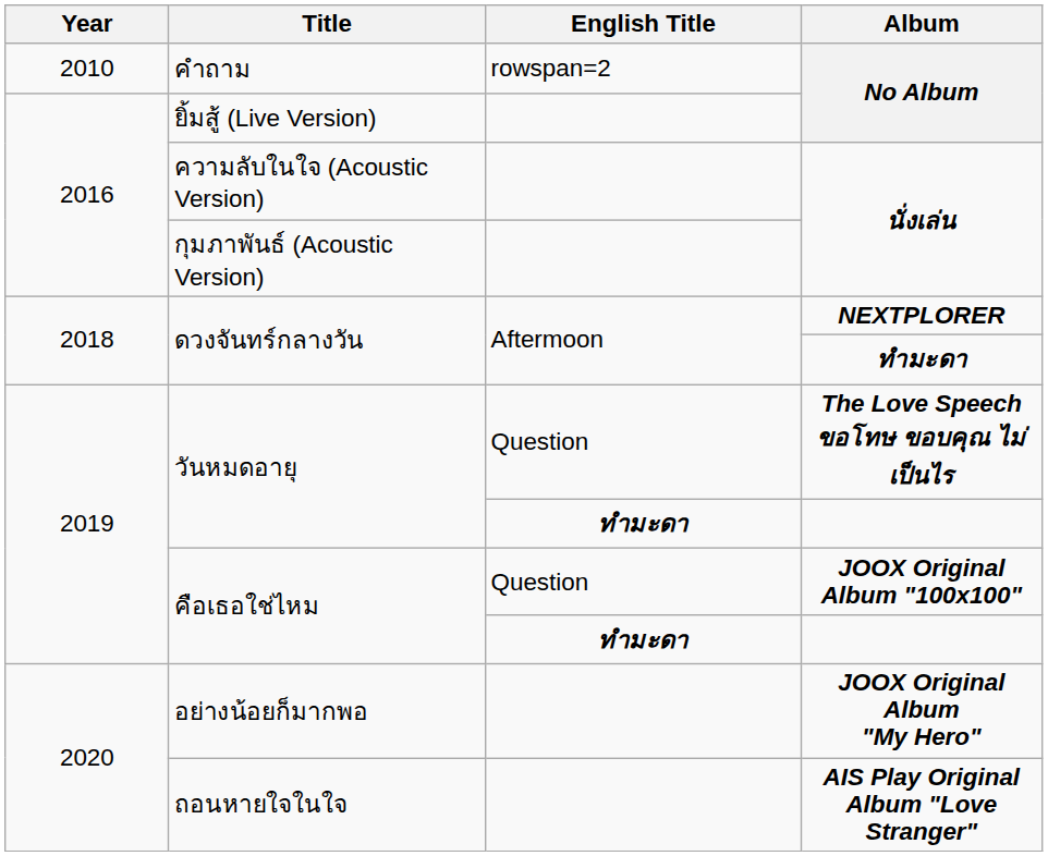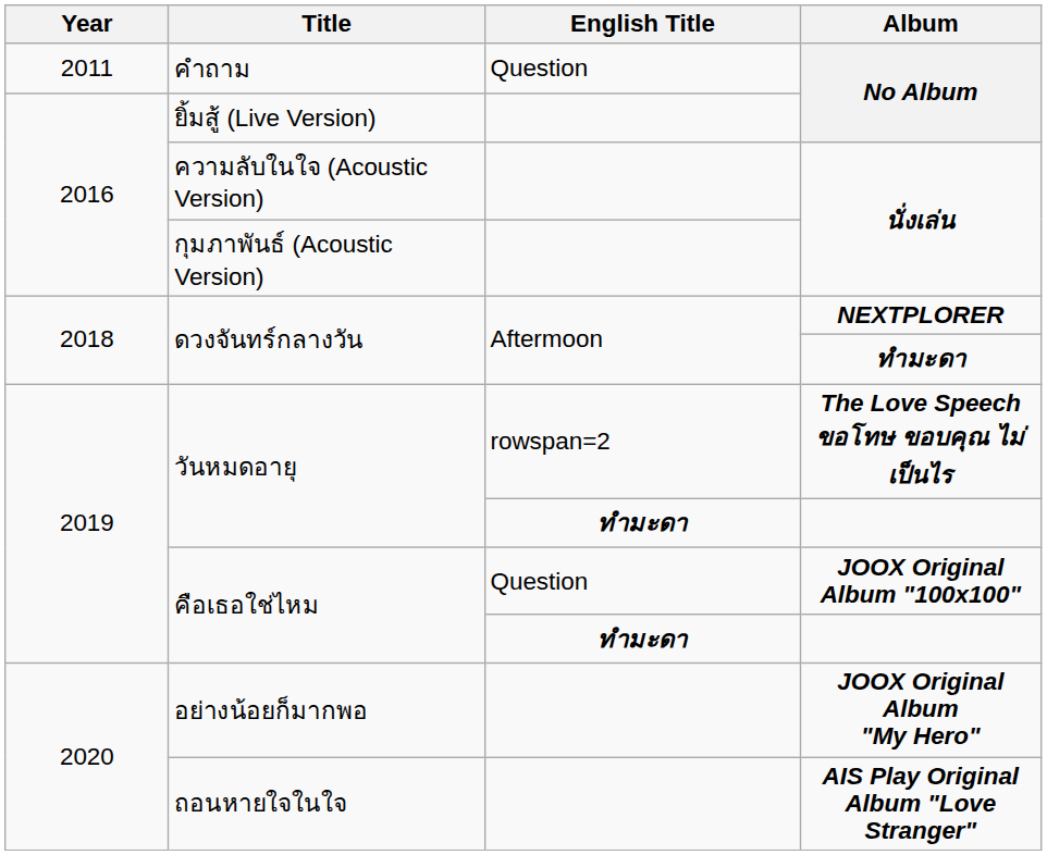 <table class="wikitable">
 <tr>
 <th align="center" width="100px">Year</th>
 <th align="center" width="200">Title</th>
 <th align="center" width="200">English Title</th>
 <th align="center" width="150">Album</th>
 </tr>
 <tr>
-<td align="center">2010</td>
+<td align="center">2011</td>
 <td align="left">คำถาม</td>
-<td>rowspan=2 </td>
+<td align="left">Question</td>
 <th align="center" rowspan="2"><em>No Album</em></th>
 </tr>
 <tr>
 <td align="center" rowspan="3">2016</td>
 <td align="left">ยิ้มสู้ (Live Version)</td>
 <td></td>
 </tr>
 <tr>
 <td align="left">ความลับในใจ (Acoustic Version)</td>
 <td></td>
 <td align="center" rowspan="2"><strong><em>นั่งเล่น</em></strong></td>
 </tr>
 <tr>
 <td align="left">กุมภาพันธ์ (Acoustic Version)</td>
 <td></td>
 </tr>
 <tr>
 <td align="center" rowspan="2">2018</td>
 <td align="left" rowspan="2">ดวงจันทร์กลางวัน</td>
 <td align="left" rowspan="2">Aftermoon</td>
 <td align="center"><strong><em>NEXTPLORER</em></strong></td>
 </tr>
 <tr>
 <td align="center"><strong><em>ทำมะดา</em></strong></td>
 </tr>
 <tr>
 <td align="center" rowspan="4">2019</td>
 <td align="left" rowspan="2">วันหมดอายุ</td>
-<td align="left">Question</td>
+<td>rowspan=2 </td>
 <td align="center"><strong><em>The Love Speech ขอโทษ ขอบคุณ ไม่เป็นไร</em></strong></td>
 </tr>
 <tr>
 <td align="center"><strong><em>ทำมะดา</em></strong></td>
 </tr>
 <tr>
 <td align="left" rowspan="2">คือเธอใช่ไหม<br></td>
 <td align="left">Question</td>
 <td align="center"><strong><em>JOOX Original Album "100x100"</em></strong></td>
 </tr>
 <tr>
 <td align="center"><strong><em>ทำมะดา</em></strong></td>
 </tr>
 <tr>
 <td align="center" rowspan="2">2020</td>
 <td align="left">อย่างน้อยก็มากพอ<br></td>
 <td></td>
 <td align="center"><strong><em>JOOX Original Album<br>"My Hero"</em></strong></td>
 </tr>
 <tr>
 <td align="left">ถอนหายใจในใจ<br></td>
 <td></td>
 <td align="center"><strong><em>AIS Play Original Album "Love Stranger"</em></strong></td>
 </tr>
 </table>
